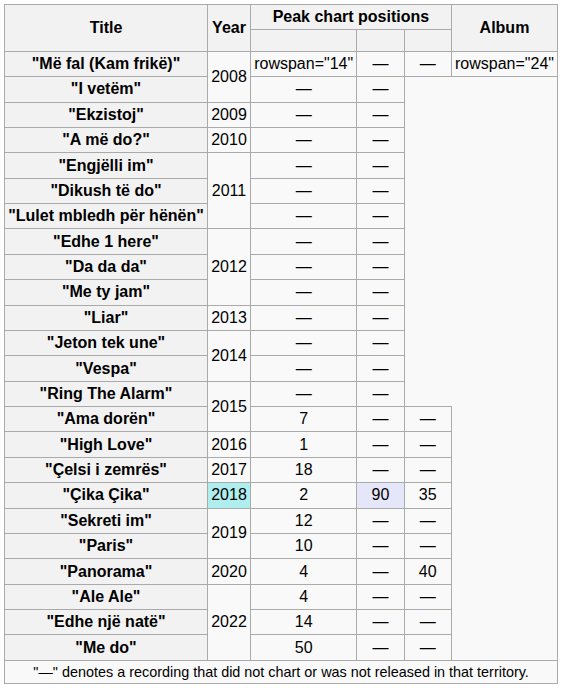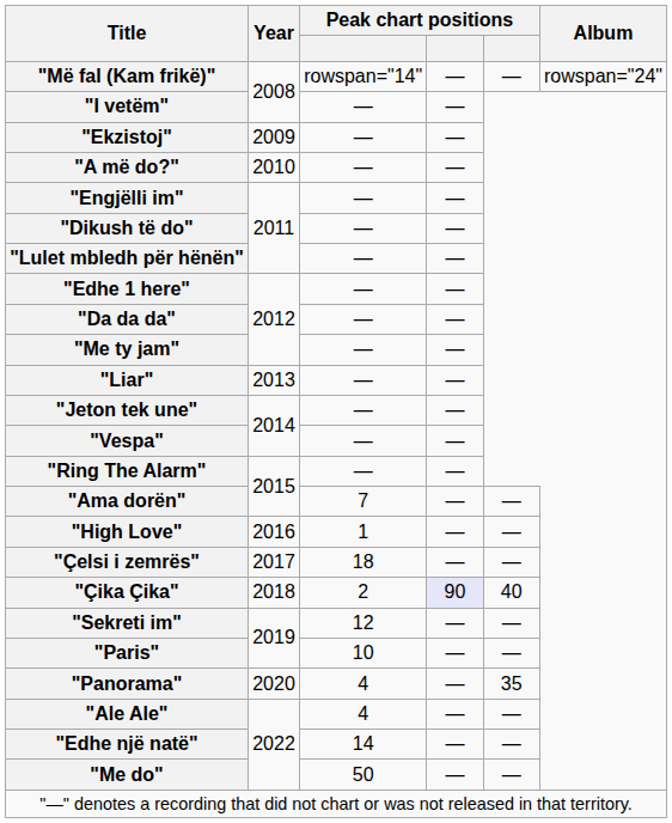 <table class="wikitable plainrowheaders" style="text-align:center;">
 <tr>
 <th scope="col" rowspan="2">Title</th>
 <th scope="col" rowspan="2">Year</th>
 <th scope="col" colspan="3">Peak chart positions</th>
 <th scope="col" rowspan="2">Album</th>
 </tr>
 <tr>
 <th scope=col style="width:3em; font-size:85%;"><a href='#'></a><br></th>
 <th scope="col" style="width:3em; font-size:85%;"><a href='#'></a><br></th>
 <th scope=col style="width:3em; font-size:85%;"><a href='#'></a><br></th>
 </tr>
 <tr>
 <th scope="row">"Më fal (Kam frikë)"</th>
 <td rowspan="2">2008</td>
 <td>rowspan="14" </td>
 <td>—</td>
 <td>—</td>
 <td>rowspan="24" </td>
 </tr>
 <tr>
 <th scope="row">"I vetëm"</th>
 <td>—</td>
 <td>—</td>
 </tr>
 <tr>
 <th scope="row">"Ekzistoj"</th>
 <td>2009</td>
 <td>—</td>
 <td>—</td>
 </tr>
 <tr>
 <th scope="row">"A më do?"</th>
 <td>2010</td>
 <td>—</td>
 <td>—</td>
 </tr>
 <tr>
 <th scope="row">"Engjëlli im"</th>
 <td rowspan="3">2011</td>
 <td>—</td>
 <td>—</td>
 </tr>
 <tr>
 <th scope="row">"Dikush të do"</th>
 <td>—</td>
 <td>—</td>
 </tr>
 <tr>
 <th scope="row">"Lulet mbledh për hënën"</th>
 <td>—</td>
 <td>—</td>
 </tr>
 <tr>
 <th scope="row">"Edhe 1 here"</th>
 <td rowspan="3">2012</td>
 <td>—</td>
 <td>—</td>
 </tr>
 <tr>
 <th scope="row">"Da da da"</th>
 <td>—</td>
 <td>—</td>
 </tr>
 <tr>
 <th scope="row">"Me ty jam"</th>
 <td>—</td>
 <td>—</td>
 </tr>
 <tr>
 <th scope="row">"Liar"<br></th>
 <td>2013</td>
 <td>—</td>
 <td>—</td>
 </tr>
 <tr>
 <th scope="row">"Jeton tek une"</th>
 <td rowspan="2">2014</td>
 <td>—</td>
 <td>—</td>
 </tr>
 <tr>
 <th scope="row">"Vespa"<br></th>
 <td>—</td>
 <td>—</td>
 </tr>
 <tr>
 <th scope="row">"Ring The Alarm"</th>
 <td rowspan="2">2015</td>
 <td>—</td>
 <td>—</td>
 </tr>
 <tr>
 <th scope="row">"Ama dorën"<br></th>
 <td>7</td>
 <td>—</td>
 <td>—</td>
 </tr>
 <tr>
 <th scope="row">"High Love"</th>
 <td>2016</td>
 <td>1</td>
 <td>—</td>
 <td>—</td>
 </tr>
 <tr>
 <th scope="row">"Çelsi i zemrës"</th>
 <td>2017</td>
 <td>18</td>
 <td>—</td>
 <td>—</td>
 </tr>
 <tr>
 <th scope="row">"Çika Çika"<br></th>
-<td style="background: paleturquoise;">2018</td>
+<td>2018</td>
 <td>2</td>
 <td style="background: lavender;">90</td>
-<td>35</td>
+<td>40</td>
 </tr>
 <tr>
 <th scope="row">"Sekreti im"<br></th>
 <td rowspan="2">2019</td>
 <td>12</td>
 <td>—</td>
 <td>—</td>
 </tr>
 <tr>
 <th scope="row">"Paris"</th>
 <td>10</td>
 <td>—</td>
 <td>—</td>
 </tr>
 <tr>
 <th scope="row">"Panorama"<br></th>
 <td>2020</td>
 <td>4</td>
 <td>—</td>
-<td>40</td>
+<td>35</td>
 </tr>
 <tr>
 <th scope="row">"Ale Ale"</th>
 <td rowspan="3">2022</td>
 <td>4</td>
 <td>—</td>
 <td>—</td>
 </tr>
 <tr>
 <th scope="row">"Edhe një natë"<br></th>
 <td>14</td>
 <td>—</td>
 <td>—</td>
 </tr>
 <tr>
 <th scope="row">"Me do"<br></th>
 <td>50</td>
 <td>—</td>
 <td>—</td>
 </tr>
 <tr>
 <td colspan="11" style="font-size:90%">"—" denotes a recording that did not chart or was not released in that territory.</td>
 </tr>
 </table>
